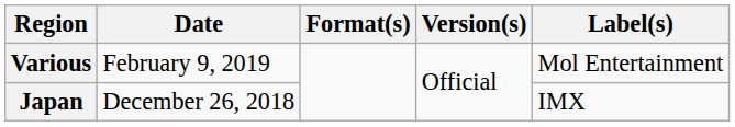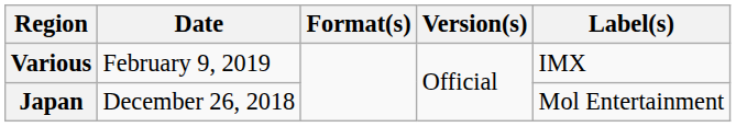 <table class="wikitable plainrowheaders">
 <tr>
 <th scope="col">Region</th>
 <th scope="col">Date</th>
 <th scope="col">Format(s)</th>
 <th scope="col">Version(s)</th>
 <th scope="col">Label(s)</th>
 </tr>
 <tr>
 <th scope="row">Various</th>
 <td>February 9, 2019</td>
 <td rowspan="2"></td>
 <td rowspan="2">Official</td>
-<td>Mol Entertainment</td>
+<td>IMX</td>
 </tr>
 <tr>
 <th scope="row">Japan</th>
 <td>December 26, 2018</td>
-<td>IMX</td>
+<td>Mol Entertainment</td>
 </tr>
 </table>
